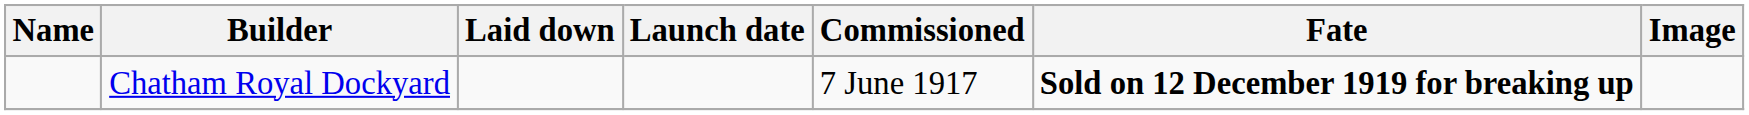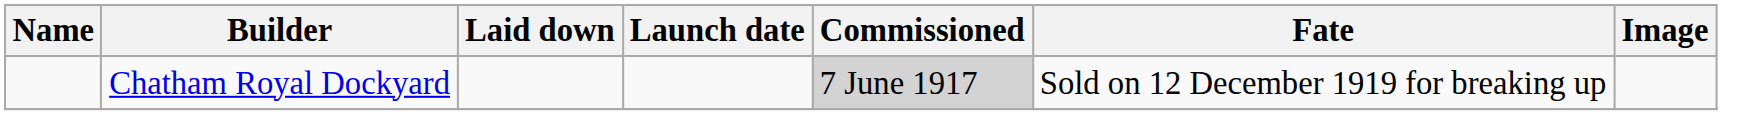 <table class="wikitable sortable">
 <tr>
 <th>Name</th>
 <th>Builder</th>
 <th>Laid down</th>
 <th>Launch date</th>
 <th>Commissioned</th>
 <th>Fate</th>
 <th>Image</th>
 </tr>
 <tr>
 <td></td>
 <td><a href='#'>Chatham Royal Dockyard</a></td>
 <td></td>
 <td></td>
-<td>7 June 1917</td>
-<td><strong>Sold on 12 December 1919 for breaking up</strong></td>
+<td style="background: lightgrey;">7 June 1917</td>
+<td>Sold on 12 December 1919 for breaking up</td>
 <td> </td>
 </tr>
 <tr>
 </tr>
 </table>
